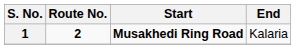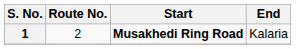 <table class="sortable plainrowheaders wikitable">
 <tr>
 <th scope="col">S. No.</th>
 <th scope="col">Route No.</th>
 <th scope="col">Start</th>
 <th scope="col">End</th>
 </tr>
 <tr>
 <th scope="row" style=text-align:center>1</th>
-<td align=center><strong>2</strong></td>
+<td align=center>2</td>
 <td align=right><strong>Musakhedi Ring Road</strong></td>
 <td align=center>Kalaria</td>
 </tr>
 <tr>
 </tr>
 </table>
